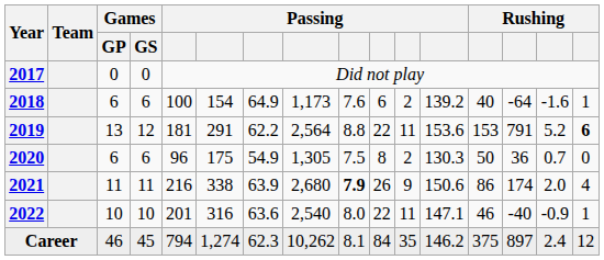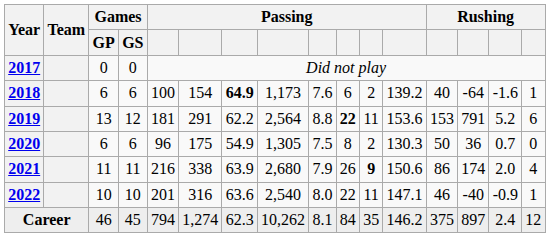 <table class="wikitable" style="text-align:center;">
 <tr>
 <th rowspan="2">Year</th>
 <th rowspan="2">Team</th>
 <th colspan="2">Games</th>
 <th colspan="8">Passing</th>
 <th colspan="4">Rushing</th>
 </tr>
 <tr>
 <th>GP</th>
 <th>GS</th>
 <th></th>
 <th></th>
 <th></th>
 <th></th>
 <th></th>
 <th></th>
 <th></th>
 <th></th>
 <th></th>
 <th></th>
 <th></th>
 <th></th>
 </tr>
 <tr>
 <th><a href='#'>2017</a></th>
 <th><a href='#'></a></th>
 <td>0</td>
 <td>0</td>
 <td colspan="12"><em>Did not play</em></td>
 </tr>
 <tr>
 <th><a href='#'>2018</a></th>
 <th><a href='#'></a></th>
 <td>6</td>
 <td>6</td>
 <td>100</td>
 <td>154</td>
-<td>64.9</td>
+<td><strong>64.9</strong></td>
 <td>1,173</td>
 <td>7.6</td>
 <td>6</td>
 <td>2</td>
 <td>139.2</td>
 <td>40</td>
 <td>-64</td>
 <td>-1.6</td>
 <td>1</td>
 </tr>
 <tr>
 <th><a href='#'>2019</a></th>
 <th><a href='#'></a></th>
 <td>13</td>
 <td>12</td>
 <td>181</td>
 <td>291</td>
 <td>62.2</td>
 <td>2,564</td>
 <td>8.8</td>
-<td>22</td>
+<td><strong>22</strong></td>
 <td>11</td>
 <td>153.6</td>
 <td>153</td>
 <td>791</td>
 <td>5.2</td>
-<td><strong>6</strong></td>
+<td>6</td>
 </tr>
 <tr>
 <th><a href='#'>2020</a></th>
 <th><a href='#'></a></th>
 <td>6</td>
 <td>6</td>
 <td>96</td>
 <td>175</td>
 <td>54.9</td>
 <td>1,305</td>
 <td>7.5</td>
 <td>8</td>
 <td>2</td>
 <td>130.3</td>
 <td>50</td>
 <td>36</td>
 <td>0.7</td>
 <td>0</td>
 </tr>
 <tr>
 <th><a href='#'>2021</a></th>
 <th><a href='#'></a></th>
 <td>11</td>
 <td>11</td>
 <td>216</td>
 <td>338</td>
 <td>63.9</td>
 <td>2,680</td>
-<td><strong>7.9</strong></td>
+<td>7.9</td>
 <td>26</td>
-<td>9</td>
+<td><strong>9</strong></td>
 <td>150.6</td>
 <td>86</td>
 <td>174</td>
 <td>2.0</td>
 <td>4</td>
 </tr>
 <tr>
 <th><a href='#'>2022</a></th>
 <th><a href='#'></a></th>
 <td>10</td>
 <td>10</td>
 <td>201</td>
 <td>316</td>
 <td>63.6</td>
 <td>2,540</td>
 <td>8.0</td>
 <td>22</td>
 <td>11</td>
 <td>147.1</td>
 <td>46</td>
 <td>-40</td>
 <td>-0.9</td>
 <td>1</td>
 </tr>
 <tr class="sortbottom" style="background:#eee;">
 <td colspan=2><strong>Career</strong></td>
 <td>46</td>
 <td>45</td>
 <td>794</td>
 <td>1,274</td>
 <td>62.3</td>
 <td>10,262</td>
 <td>8.1</td>
 <td>84</td>
 <td>35</td>
 <td>146.2</td>
 <td>375</td>
 <td>897</td>
 <td>2.4</td>
 <td>12</td>
 </tr>
 </table>
